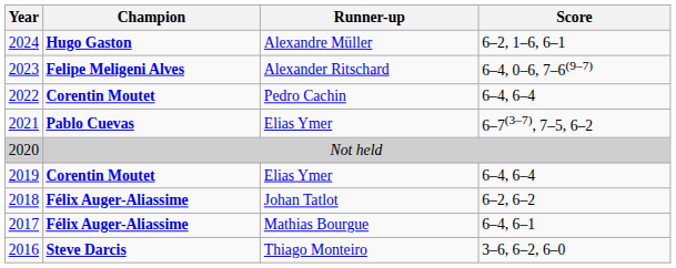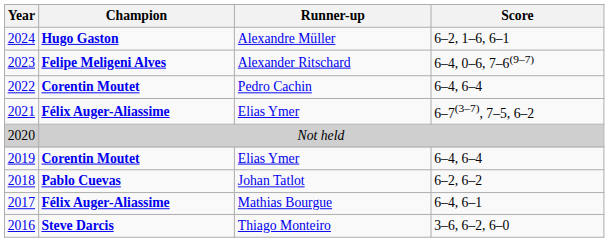 <table class="wikitable" style="font-size:90%">
 <tr>
 <th>Year</th>
 <th width="200">Champion</th>
 <th width="200">Runner-up</th>
 <th width="175">Score</th>
 </tr>
 <tr>
 <td><a href='#'>2024</a></td>
 <td> <strong><a href='#'>Hugo Gaston</a></strong></td>
 <td> <a href='#'>Alexandre Müller</a></td>
 <td>6–2, 1–6, 6–1</td>
 </tr>
 <tr>
 <td><a href='#'>2023</a></td>
 <td> <strong><a href='#'>Felipe Meligeni Alves</a></strong></td>
 <td> <a href='#'>Alexander Ritschard</a></td>
 <td>6–4, 0–6, 7–6<sup>(9–7)</sup></td>
 </tr>
 <tr>
 <td><a href='#'>2022</a></td>
 <td> <strong><a href='#'>Corentin Moutet</a></strong></td>
 <td> <a href='#'>Pedro Cachin</a></td>
 <td>6–4, 6–4</td>
 </tr>
 <tr>
 <td><a href='#'>2021</a></td>
-<td> <strong><a href='#'>Pablo Cuevas</a></strong></td>
+<td> <strong><a href='#'>Félix Auger-Aliassime</a></strong></td>
 <td> <a href='#'>Elias Ymer</a></td>
 <td>6–7<sup>(3–7)</sup>, 7–5, 6–2</td>
 </tr>
 <tr>
 <td style="background:#cfcfcf">2020</td>
 <td colspan=3 align=center style="background:#cfcfcf"><em>Not held</em></td>
 </tr>
 <tr>
 <td><a href='#'>2019</a></td>
 <td> <strong><a href='#'>Corentin Moutet</a></strong></td>
 <td> <a href='#'>Elias Ymer</a></td>
 <td>6–4, 6–4</td>
 </tr>
 <tr>
 <td><a href='#'>2018</a></td>
-<td> <strong><a href='#'>Félix Auger-Aliassime</a></strong></td>
+<td> <strong><a href='#'>Pablo Cuevas</a></strong></td>
 <td> <a href='#'>Johan Tatlot</a></td>
 <td>6–2, 6–2</td>
 </tr>
 <tr>
 <td><a href='#'>2017</a></td>
 <td> <strong><a href='#'>Félix Auger-Aliassime</a></strong></td>
 <td> <a href='#'>Mathias Bourgue</a></td>
 <td>6–4, 6–1</td>
 </tr>
 <tr>
 <td><a href='#'>2016</a></td>
 <td> <strong><a href='#'>Steve Darcis</a></strong></td>
 <td> <a href='#'>Thiago Monteiro</a></td>
 <td>3–6, 6–2, 6–0</td>
 </tr>
 </table>
